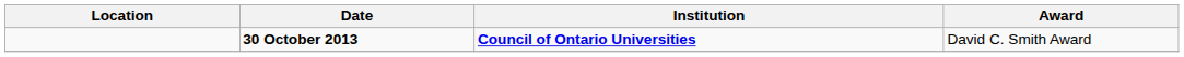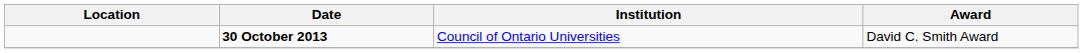 <table class="wikitable" style="width:100%;">
 <tr>
 <th style="width:20%;">Location</th>
 <th style="width:20%;">Date</th>
 <th style="width:40%;">Institution</th>
 <th style="width:20%;">Award</th>
 </tr>
 <tr>
 <td></td>
 <td><strong>30 October 2013</strong></td>
-<td><strong><a href='#'>Council of Ontario Universities</a></strong></td>
+<td><a href='#'>Council of Ontario Universities</a></td>
 <td>David C. Smith Award </td>
 </tr>
 <tr>
 </tr>
 </table>
